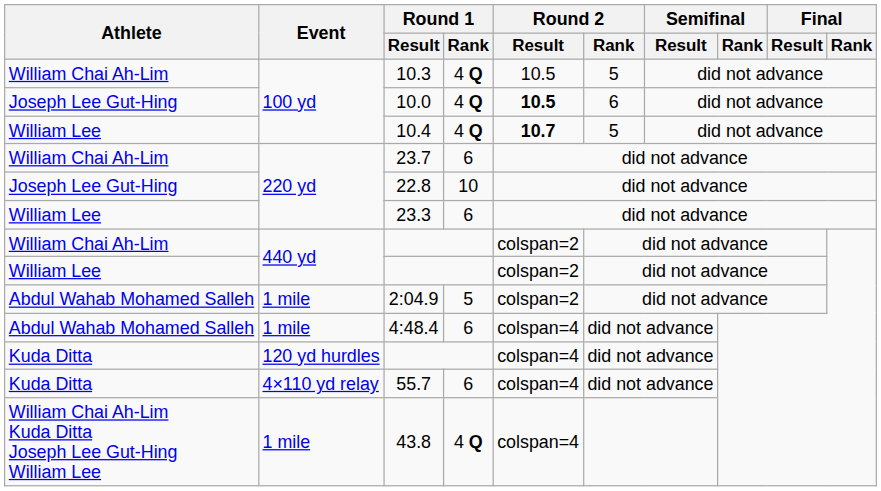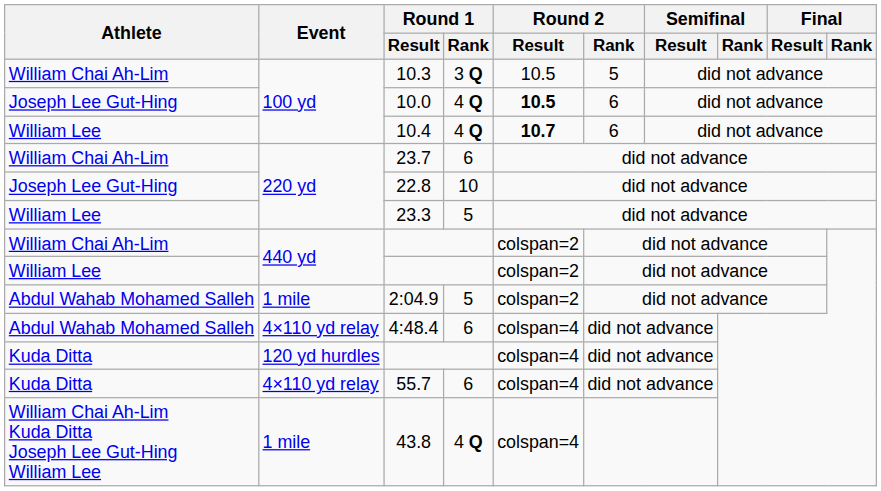 <table class=wikitable style=font-size:90%>
 <tr>
 <th rowspan=2>Athlete</th>
 <th rowspan=2>Event</th>
 <th colspan=2>Round 1</th>
 <th colspan=2>Round 2</th>
 <th colspan=2>Semifinal</th>
 <th colspan=2>Final</th>
 </tr>
 <tr style=font-size:95%>
 <th>Result</th>
 <th>Rank</th>
 <th>Result</th>
 <th>Rank</th>
 <th>Result</th>
 <th>Rank</th>
 <th>Result</th>
 <th>Rank</th>
 </tr>
 <tr align=center>
 <td align=left><a href='#'>William Chai Ah-Lim</a></td>
 <td align=left rowspan=3><a href='#'>100 yd</a></td>
 <td>10.3</td>
-<td>4 <strong>Q</strong></td>
+<td>3 <strong>Q</strong></td>
 <td>10.5</td>
 <td>5</td>
 <td colspan=4>did not advance</td>
 </tr>
 <tr align=center>
 <td align=left><a href='#'>Joseph Lee Gut-Hing</a></td>
 <td>10.0</td>
 <td>4 <strong>Q</strong></td>
 <td><strong>10.5</strong></td>
 <td>6</td>
 <td colspan=4>did not advance</td>
 </tr>
 <tr align=center>
 <td align=left><a href='#'>William Lee</a></td>
 <td>10.4</td>
 <td>4 <strong>Q</strong></td>
 <td><strong>10.7</strong></td>
-<td>5</td>
+<td>6</td>
 <td colspan=4>did not advance</td>
 </tr>
 <tr align=center>
 <td align=left><a href='#'>William Chai Ah-Lim</a></td>
 <td align=left rowspan=3><a href='#'>220 yd</a></td>
 <td>23.7</td>
 <td>6</td>
 <td colspan=6>did not advance</td>
 </tr>
 <tr align=center>
 <td align=left><a href='#'>Joseph Lee Gut-Hing</a></td>
 <td>22.8</td>
 <td>10</td>
 <td colspan=6>did not advance</td>
 </tr>
 <tr align=center>
 <td align=left><a href='#'>William Lee</a></td>
 <td>23.3</td>
-<td>6</td>
+<td>5</td>
 <td colspan=6>did not advance</td>
 </tr>
 <tr align=center>
 <td align=left><a href='#'>William Chai Ah-Lim</a></td>
 <td align=left rowspan=2><a href='#'>440 yd</a></td>
 <td colspan=2></td>
 <td>colspan=2 </td>
 <td colspan=4>did not advance</td>
 </tr>
 <tr align=center>
 <td align=left><a href='#'>William Lee</a></td>
 <td colspan=2></td>
 <td>colspan=2 </td>
 <td colspan=4>did not advance</td>
 </tr>
 <tr align=center>
 <td align=left><a href='#'>Abdul Wahab Mohamed Salleh</a></td>
 <td align=left><a href='#'>1 mile</a></td>
 <td>2:04.9</td>
 <td>5</td>
 <td>colspan=2 </td>
 <td colspan=4>did not advance</td>
 </tr>
 <tr align=center>
 <td align=left><a href='#'>Abdul Wahab Mohamed Salleh</a></td>
-<td align=left><a href='#'>1 mile</a></td>
+<td align=left><a href='#'>4×110 yd relay</a></td>
 <td>4:48.4</td>
 <td>6</td>
 <td>colspan=4 </td>
 <td colspan=2>did not advance</td>
 </tr>
 <tr align=center>
 <td align=left><a href='#'>Kuda Ditta</a></td>
 <td align=left><a href='#'>120 yd hurdles</a></td>
 <td colspan=2></td>
 <td>colspan=4 </td>
 <td colspan=2>did not advance</td>
 </tr>
 <tr align=center>
 <td align=left><a href='#'>Kuda Ditta</a></td>
 <td align=left><a href='#'>4×110 yd relay</a></td>
 <td>55.7</td>
 <td>6</td>
 <td>colspan=4 </td>
 <td colspan=2>did not advance</td>
 </tr>
 <tr align=center>
 <td align=left><a href='#'>William Chai Ah-Lim</a><br><a href='#'>Kuda Ditta</a><br><a href='#'>Joseph Lee Gut-Hing</a><br><a href='#'>William Lee</a></td>
 <td align=left><a href='#'>1 mile</a></td>
 <td>43.8</td>
 <td>4 <strong>Q</strong></td>
 <td>colspan=4 </td>
 <td colspan=2></td>
 </tr>
 </table>
